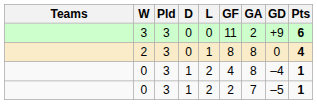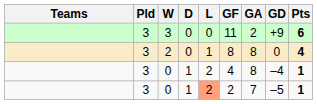 <table class="wikitable" style="text-align: center;">
 <tr>
 <th width=165>Teams</th>
+<th width=20>Pld</th>
 <th width=20>W</th>
-<th width=20>Pld</th>
 <th width=20>D</th>
 <th width=20>L</th>
 <th width=20>GF</th>
 <th width=20>GA</th>
 <th width=20>GD</th>
 <th width=20>Pts</th>
 </tr>
 <tr style="text-align:center; background:#cfc;">
 <td style="text-align:left;"></td>
 <td>3</td>
 <td>3</td>
 <td>0</td>
 <td>0</td>
 <td>11</td>
 <td>2</td>
 <td>+9</td>
 <td><strong>6</strong></td>
 </tr>
 <tr style="text-align:center; background:#faecc8;">
 <td style="text-align:left;"></td>
+<td>3</td>
 <td>2</td>
-<td>3</td>
 <td>0</td>
 <td>1</td>
 <td>8</td>
 <td>8</td>
 <td>0</td>
 <td><strong>4</strong></td>
 </tr>
 <tr align=center>
 <td style="text-align:left;"></td>
+<td>3</td>
 <td>0</td>
-<td>3</td>
 <td>1</td>
 <td>2</td>
 <td>4</td>
 <td>8</td>
 <td>–4</td>
 <td><strong>1</strong></td>
 </tr>
 <tr align=center>
 <td style="text-align:left;"></td>
+<td>3</td>
 <td>0</td>
-<td>3</td>
 <td>1</td>
-<td>2</td>
+<td style="background: lightsalmon;">2</td>
 <td>2</td>
 <td>7</td>
 <td>–5</td>
 <td><strong>1</strong></td>
 </tr>
 </table>
